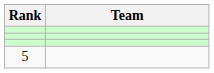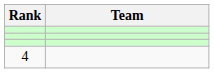 <table class="wikitable" style="text-align: center;">
 <tr>
 <th width=40>Rank</th>
 <th width=180>Team</th>
 </tr>
 <tr bgcolor=#CCFFCC>
 <td></td>
 <td style="text-align:left;"></td>
 </tr>
 <tr bgcolor=#CCFFCC>
 <td></td>
 <td style="text-align:left;"></td>
 </tr>
 <tr bgcolor=#CCFFCC>
 <td></td>
 <td style="text-align:left;"></td>
 </tr>
 <tr>
-<td>5</td>
+<td>4</td>
 <td style="text-align:left;"></td>
 </tr>
 </table>
